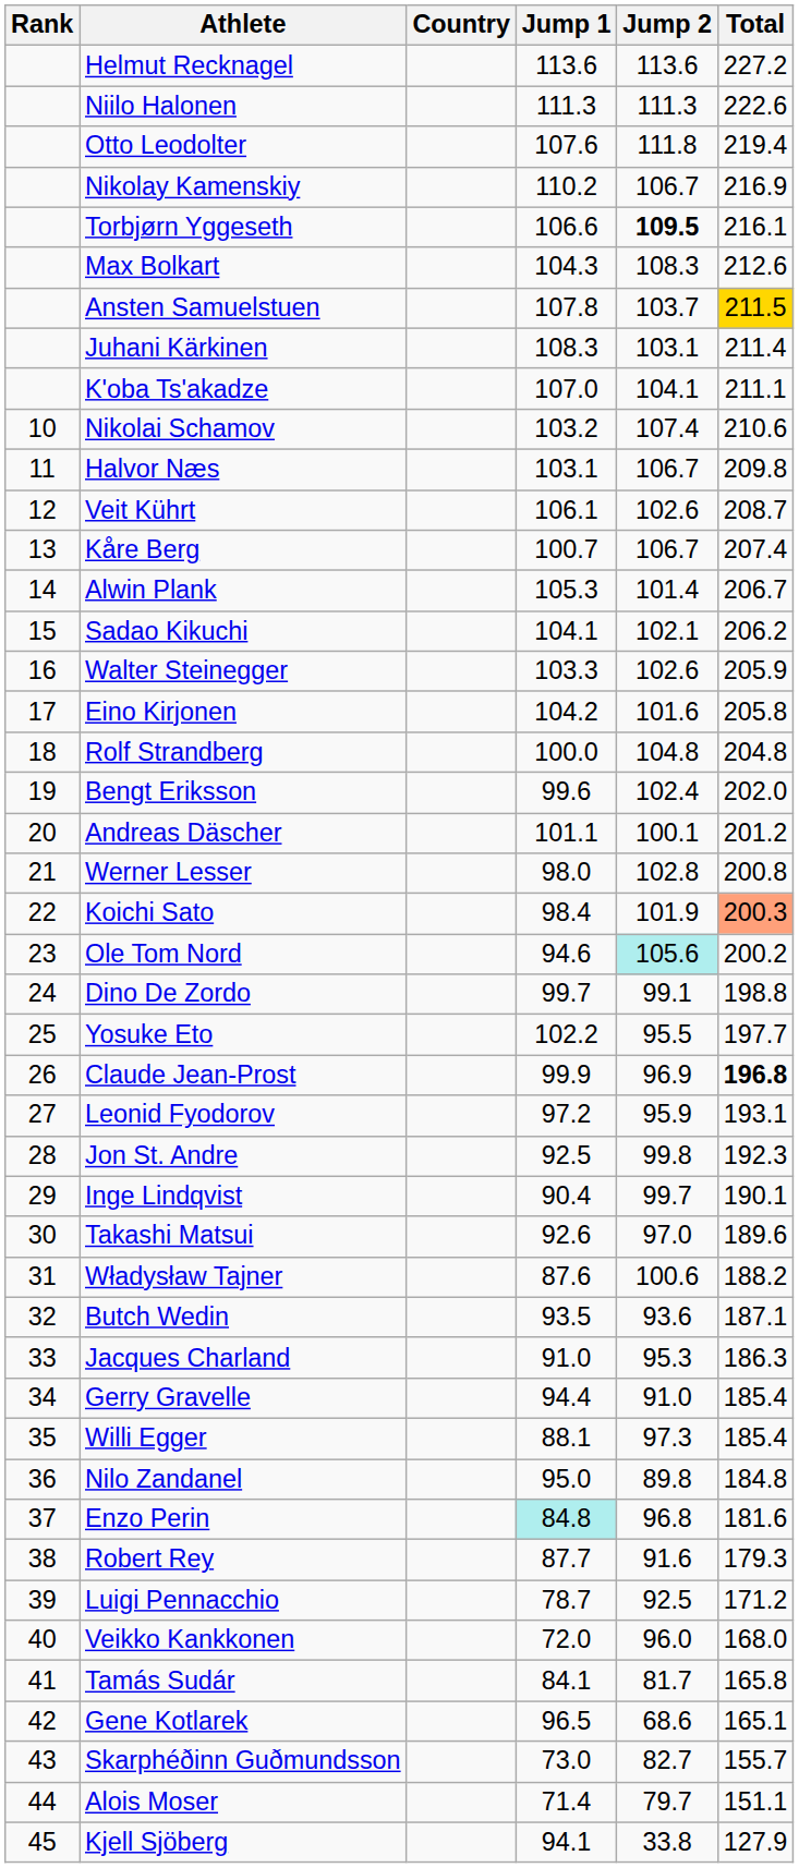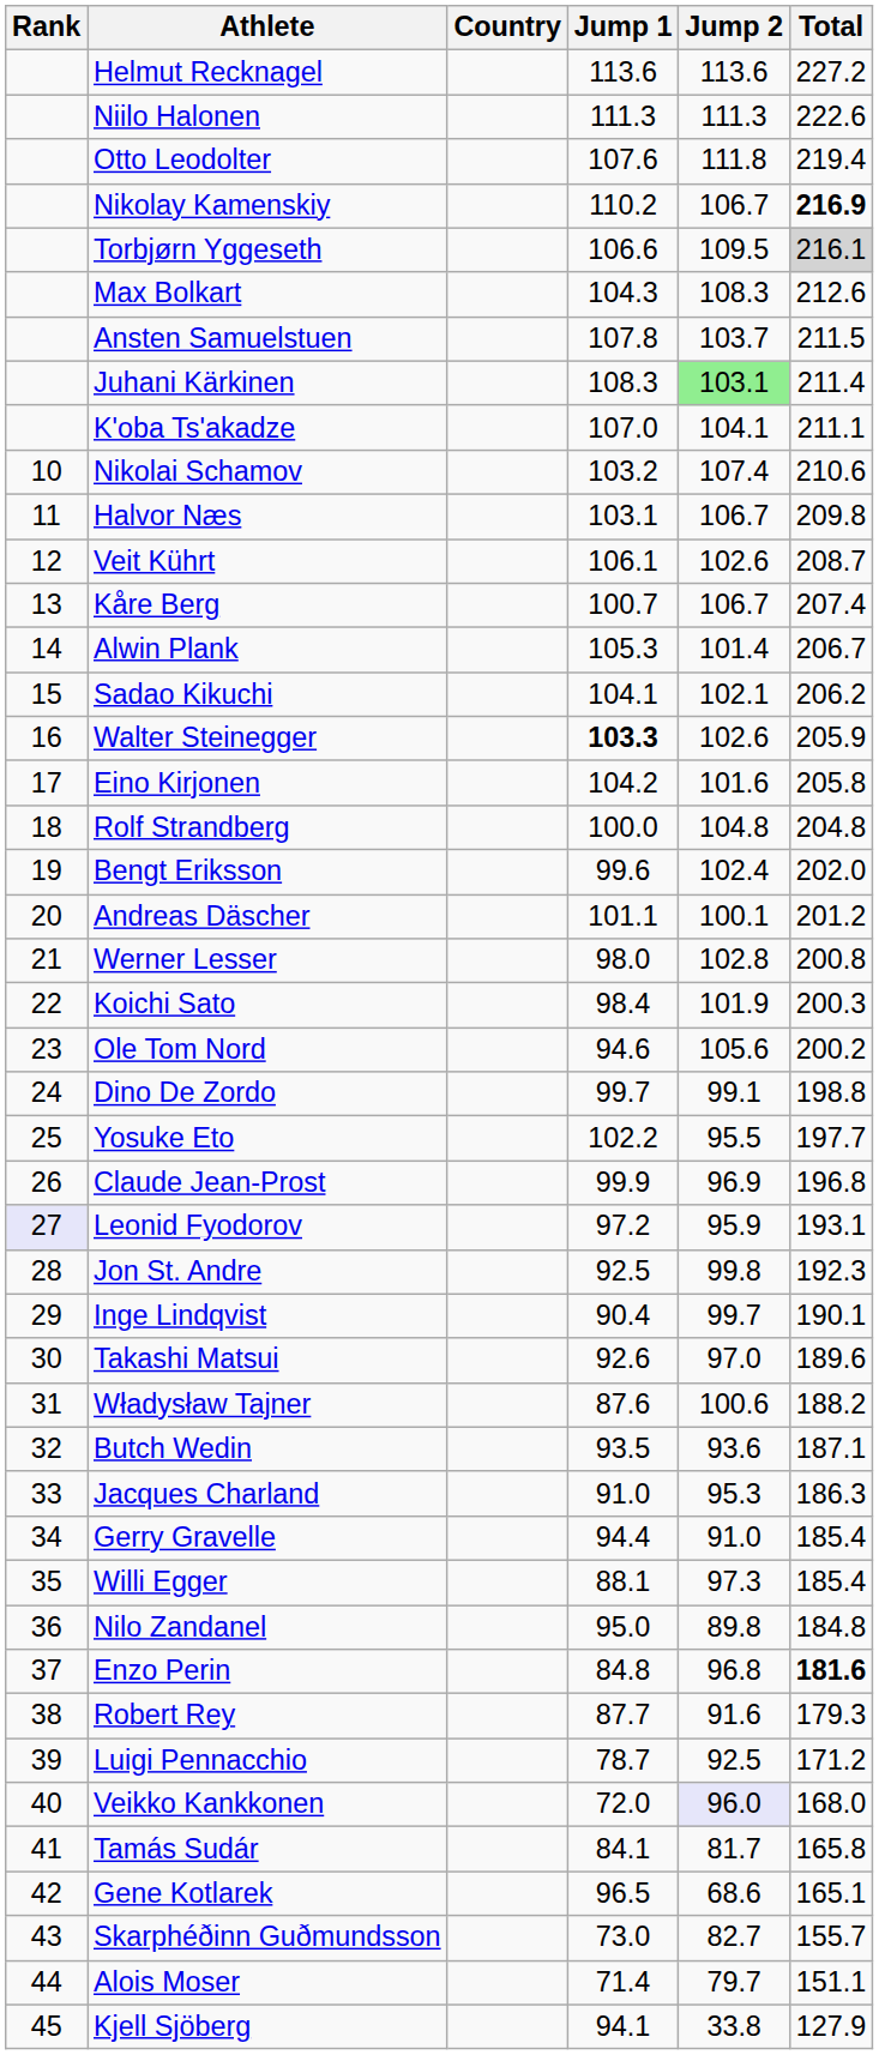 <table class="wikitable sortable" style="text-align:center">
 <tr>
 <th>Rank</th>
 <th>Athlete</th>
 <th>Country</th>
 <th>Jump 1</th>
 <th>Jump 2</th>
 <th>Total</th>
 </tr>
 <tr>
 <td></td>
 <td align=left><a href='#'>Helmut Recknagel</a></td>
 <td align=left></td>
 <td>113.6</td>
 <td>113.6</td>
 <td>227.2</td>
 </tr>
 <tr>
 <td></td>
 <td align=left><a href='#'>Niilo Halonen</a></td>
 <td align=left></td>
 <td>111.3</td>
 <td>111.3</td>
 <td>222.6</td>
 </tr>
 <tr>
 <td></td>
 <td align=left><a href='#'>Otto Leodolter</a></td>
 <td align=left></td>
 <td>107.6</td>
 <td>111.8</td>
 <td>219.4</td>
 </tr>
 <tr>
 <td></td>
 <td align=left><a href='#'>Nikolay Kamenskiy</a></td>
 <td align=left></td>
 <td>110.2</td>
 <td>106.7</td>
-<td>216.9</td>
+<td><strong>216.9</strong></td>
 </tr>
 <tr>
 <td></td>
 <td align=left><a href='#'>Torbjørn Yggeseth</a></td>
 <td align=left></td>
 <td>106.6</td>
-<td><strong>109.5</strong></td>
-<td>216.1</td>
+<td>109.5</td>
+<td style="background: lightgrey;">216.1</td>
 </tr>
 <tr>
 <td></td>
 <td align=left><a href='#'>Max Bolkart</a></td>
 <td align=left></td>
 <td>104.3</td>
 <td>108.3</td>
 <td>212.6</td>
 </tr>
 <tr>
 <td></td>
 <td align=left><a href='#'>Ansten Samuelstuen</a></td>
 <td align=left></td>
 <td>107.8</td>
 <td>103.7</td>
-<td style="background: gold;">211.5</td>
+<td>211.5</td>
 </tr>
 <tr>
 <td></td>
 <td align=left><a href='#'>Juhani Kärkinen</a></td>
 <td align=left></td>
 <td>108.3</td>
-<td>103.1</td>
+<td style="background: lightgreen;">103.1</td>
 <td>211.4</td>
 </tr>
 <tr>
 <td></td>
 <td align=left><a href='#'>K'oba Ts'akadze</a></td>
 <td align=left></td>
 <td>107.0</td>
 <td>104.1</td>
 <td>211.1</td>
 </tr>
 <tr>
 <td>10</td>
 <td align=left><a href='#'>Nikolai Schamov</a></td>
 <td align=left></td>
 <td>103.2</td>
 <td>107.4</td>
 <td>210.6</td>
 </tr>
 <tr>
 <td>11</td>
 <td align=left><a href='#'>Halvor Næs</a></td>
 <td align=left></td>
 <td>103.1</td>
 <td>106.7</td>
 <td>209.8</td>
 </tr>
 <tr>
 <td>12</td>
 <td align=left><a href='#'>Veit Kührt</a></td>
 <td align=left></td>
 <td>106.1</td>
 <td>102.6</td>
 <td>208.7</td>
 </tr>
 <tr>
 <td>13</td>
 <td align=left><a href='#'>Kåre Berg</a></td>
 <td align=left></td>
 <td>100.7</td>
 <td>106.7</td>
 <td>207.4</td>
 </tr>
 <tr>
 <td>14</td>
 <td align=left><a href='#'>Alwin Plank</a></td>
 <td align=left></td>
 <td>105.3</td>
 <td>101.4</td>
 <td>206.7</td>
 </tr>
 <tr>
 <td>15</td>
 <td align=left><a href='#'>Sadao Kikuchi</a></td>
 <td align=left></td>
 <td>104.1</td>
 <td>102.1</td>
 <td>206.2</td>
 </tr>
 <tr>
 <td>16</td>
 <td align=left><a href='#'>Walter Steinegger</a></td>
 <td align=left></td>
-<td>103.3</td>
+<td><strong>103.3</strong></td>
 <td>102.6</td>
 <td>205.9</td>
 </tr>
 <tr>
 <td>17</td>
 <td align=left><a href='#'>Eino Kirjonen</a></td>
 <td align=left></td>
 <td>104.2</td>
 <td>101.6</td>
 <td>205.8</td>
 </tr>
 <tr>
 <td>18</td>
 <td align=left><a href='#'>Rolf Strandberg</a></td>
 <td align=left></td>
 <td>100.0</td>
 <td>104.8</td>
 <td>204.8</td>
 </tr>
 <tr>
 <td>19</td>
 <td align=left><a href='#'>Bengt Eriksson</a></td>
 <td align=left></td>
 <td>99.6</td>
 <td>102.4</td>
 <td>202.0</td>
 </tr>
 <tr>
 <td>20</td>
 <td align=left><a href='#'>Andreas Däscher</a></td>
 <td align=left></td>
 <td>101.1</td>
 <td>100.1</td>
 <td>201.2</td>
 </tr>
 <tr>
 <td>21</td>
 <td align=left><a href='#'>Werner Lesser</a></td>
 <td align=left></td>
 <td>98.0</td>
 <td>102.8</td>
 <td>200.8</td>
 </tr>
 <tr>
 <td>22</td>
 <td align=left><a href='#'>Koichi Sato</a></td>
 <td align=left></td>
 <td>98.4</td>
 <td>101.9</td>
-<td style="background: lightsalmon;">200.3</td>
+<td>200.3</td>
 </tr>
 <tr>
 <td>23</td>
 <td align=left><a href='#'>Ole Tom Nord</a></td>
 <td align=left></td>
 <td>94.6</td>
-<td style="background: paleturquoise;">105.6</td>
+<td>105.6</td>
 <td>200.2</td>
 </tr>
 <tr>
 <td>24</td>
 <td align=left><a href='#'>Dino De Zordo</a></td>
 <td align=left></td>
 <td>99.7</td>
 <td>99.1</td>
 <td>198.8</td>
 </tr>
 <tr>
 <td>25</td>
 <td align=left><a href='#'>Yosuke Eto</a></td>
 <td align=left></td>
 <td>102.2</td>
 <td>95.5</td>
 <td>197.7</td>
 </tr>
 <tr>
 <td>26</td>
 <td align=left><a href='#'>Claude Jean-Prost</a></td>
 <td align=left></td>
 <td>99.9</td>
 <td>96.9</td>
-<td><strong>196.8</strong></td>
+<td>196.8</td>
 </tr>
 <tr>
-<td>27</td>
+<td style="background: lavender;">27</td>
 <td align=left><a href='#'>Leonid Fyodorov</a></td>
 <td align=left></td>
 <td>97.2</td>
 <td>95.9</td>
 <td>193.1</td>
 </tr>
 <tr>
 <td>28</td>
 <td align=left><a href='#'>Jon St. Andre</a></td>
 <td align=left></td>
 <td>92.5</td>
 <td>99.8</td>
 <td>192.3</td>
 </tr>
 <tr>
 <td>29</td>
 <td align=left><a href='#'>Inge Lindqvist</a></td>
 <td align=left></td>
 <td>90.4</td>
 <td>99.7</td>
 <td>190.1</td>
 </tr>
 <tr>
 <td>30</td>
 <td align=left><a href='#'>Takashi Matsui</a></td>
 <td align=left></td>
 <td>92.6</td>
 <td>97.0</td>
 <td>189.6</td>
 </tr>
 <tr>
 <td>31</td>
 <td align=left><a href='#'>Władysław Tajner</a></td>
 <td align=left></td>
 <td>87.6</td>
 <td>100.6</td>
 <td>188.2</td>
 </tr>
 <tr>
 <td>32</td>
 <td align=left><a href='#'>Butch Wedin</a></td>
 <td align=left></td>
 <td>93.5</td>
 <td>93.6</td>
 <td>187.1</td>
 </tr>
 <tr>
 <td>33</td>
 <td align=left><a href='#'>Jacques Charland</a></td>
 <td align=left></td>
 <td>91.0</td>
 <td>95.3</td>
 <td>186.3</td>
 </tr>
 <tr>
 <td>34</td>
 <td align=left><a href='#'>Gerry Gravelle</a></td>
 <td align=left></td>
 <td>94.4</td>
 <td>91.0</td>
 <td>185.4</td>
 </tr>
 <tr>
 <td>35</td>
 <td align=left><a href='#'>Willi Egger</a></td>
 <td align=left></td>
 <td>88.1</td>
 <td>97.3</td>
 <td>185.4</td>
 </tr>
 <tr>
 <td>36</td>
 <td align=left><a href='#'>Nilo Zandanel</a></td>
 <td align=left></td>
 <td>95.0</td>
 <td>89.8</td>
 <td>184.8</td>
 </tr>
 <tr>
 <td>37</td>
 <td align=left><a href='#'>Enzo Perin</a></td>
 <td align=left></td>
-<td style="background: paleturquoise;">84.8</td>
+<td>84.8</td>
 <td>96.8</td>
-<td>181.6</td>
+<td><strong>181.6</strong></td>
 </tr>
 <tr>
 <td>38</td>
 <td align=left><a href='#'>Robert Rey</a></td>
 <td align=left></td>
 <td>87.7</td>
 <td>91.6</td>
 <td>179.3</td>
 </tr>
 <tr>
 <td>39</td>
 <td align=left><a href='#'>Luigi Pennacchio</a></td>
 <td align=left></td>
 <td>78.7</td>
 <td>92.5</td>
 <td>171.2</td>
 </tr>
 <tr>
 <td>40</td>
 <td align=left><a href='#'>Veikko Kankkonen</a></td>
 <td align=left></td>
 <td>72.0</td>
-<td>96.0</td>
+<td style="background: lavender;">96.0</td>
 <td>168.0</td>
 </tr>
 <tr>
 <td>41</td>
 <td align=left><a href='#'>Tamás Sudár</a></td>
 <td align=left></td>
 <td>84.1</td>
 <td>81.7</td>
 <td>165.8</td>
 </tr>
 <tr>
 <td>42</td>
 <td align=left><a href='#'>Gene Kotlarek</a></td>
 <td align=left></td>
 <td>96.5</td>
 <td>68.6</td>
 <td>165.1</td>
 </tr>
 <tr>
 <td>43</td>
 <td align=left><a href='#'>Skarphéðinn Guðmundsson</a></td>
 <td align=left></td>
 <td>73.0</td>
 <td>82.7</td>
 <td>155.7</td>
 </tr>
 <tr>
 <td>44</td>
 <td align=left><a href='#'>Alois Moser</a></td>
 <td align=left></td>
 <td>71.4</td>
 <td>79.7</td>
 <td>151.1</td>
 </tr>
 <tr>
 <td>45</td>
 <td align=left><a href='#'>Kjell Sjöberg</a></td>
 <td align=left></td>
 <td>94.1</td>
 <td>33.8</td>
 <td>127.9</td>
 </tr>
 </table>
